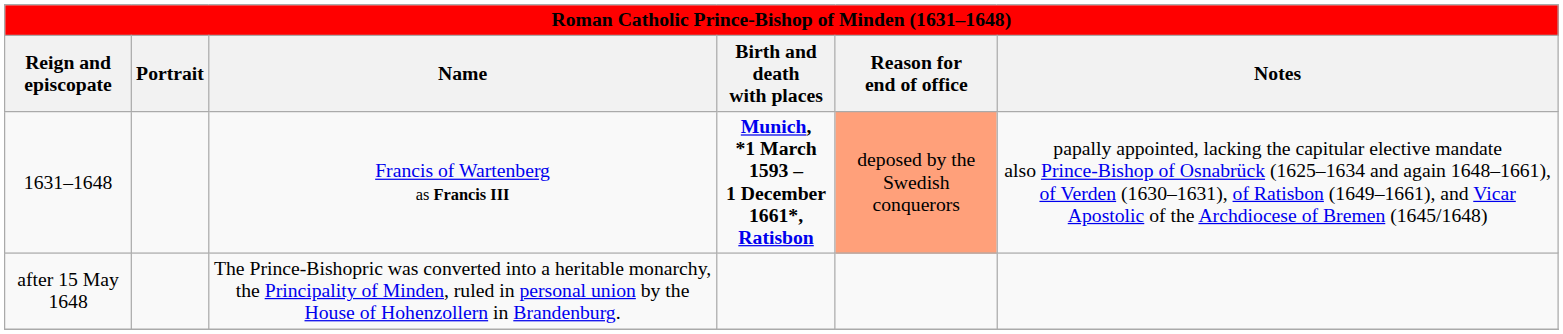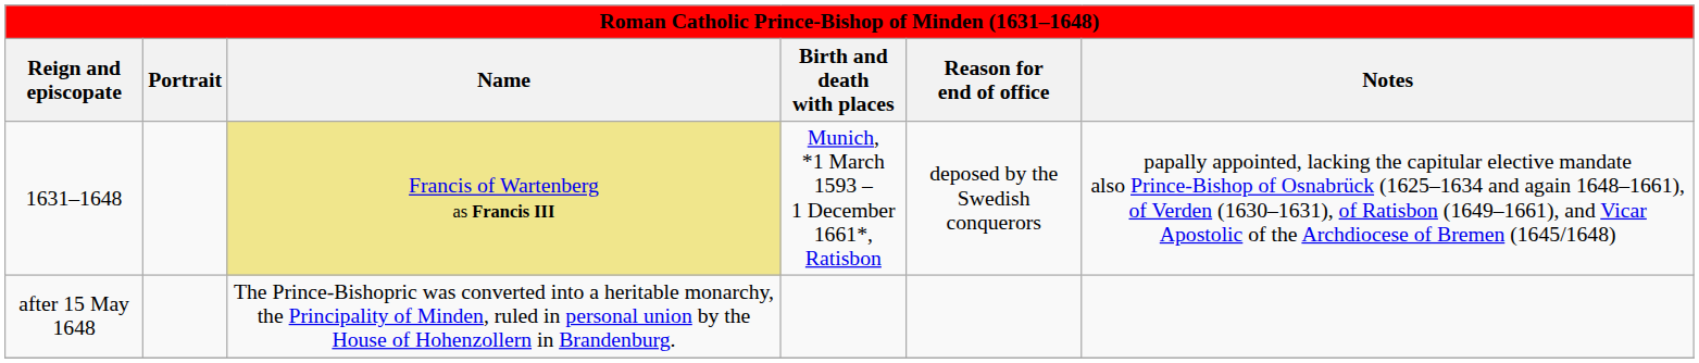 <table width=100% class="wikitable">
 <tr>
 <td colspan="6" bgcolor=red align=center><strong><span>Roman Catholic Prince-Bishop of Minden (1631–1648)</span></strong></td>
 </tr>
 <tr>
 <th>Reign and episcopate</th>
 <th>Portrait</th>
 <th>Name</th>
 <th>Birth and death<br>with places</th>
 <th>Reason for <br>end of office</th>
 <th>Notes</th>
 </tr>
 <tr>
 <td align=center>1631–1648</td>
 <td align=center></td>
-<td align="center"><a href='#'>Francis of Wartenberg</a><br><small>as <strong>Francis III</strong></small></td>
-<td align="center"><strong><a href='#'>Munich</a>, <br>*1 March 1593 – <br>1 December 1661*, <br><a href='#'>Ratisbon</a></strong></td>
-<td align="center" style="background: lightsalmon;">deposed by the Swedish conquerors</td>
+<td align="center" style="background: khaki;"><a href='#'>Francis of Wartenberg</a><br><small>as <strong>Francis III</strong></small></td>
+<td align="center"><a href='#'>Munich</a>, <br>*1 March 1593 – <br>1 December 1661*, <br><a href='#'>Ratisbon</a></td>
+<td align="center">deposed by the Swedish conquerors</td>
 <td align="center">papally appointed, lacking the capitular elective mandate <br>also <a href='#'>Prince-Bishop of Osnabrück</a> (1625–1634 and again 1648–1661),  <a href='#'>of Verden</a> (1630–1631), <a href='#'>of Ratisbon</a> (1649–1661), and <a href='#'>Vicar Apostolic</a> of the <a href='#'>Archdiocese of Bremen</a> (1645/1648)</td>
 </tr>
 <tr>
 <td align=center>after 15 May 1648</td>
 <td align=center></td>
 <td align="center">The Prince-Bishopric was converted into a heritable monarchy, the <a href='#'>Principality of Minden</a>, ruled in <a href='#'>personal union</a> by the <a href='#'>House of Hohenzollern</a> in <a href='#'>Brandenburg</a>.</td>
 <td align="center"></td>
 <td align="center"></td>
 <td align="center"></td>
 </tr>
 <tr>
 </tr>
 </table>
